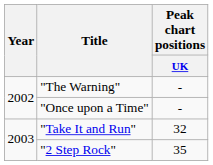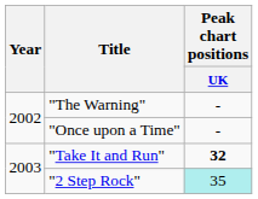 <table class="wikitable">
 <tr>
 <th rowspan="2">Year</th>
 <th rowspan="2">Title</th>
 <th colspan="4">Peak chart positions</th>
 </tr>
 <tr>
 <th style="width:60px;"><small><a href='#'>UK</a></small></th>
 </tr>
 <tr>
 <td rowspan="2">2002</td>
 <td>"The Warning"</td>
 <td align=center>-</td>
 </tr>
 <tr>
 <td>"Once upon a Time"</td>
 <td align=center>-</td>
 </tr>
 <tr>
 <td rowspan="2">2003</td>
 <td>"<a href='#'>Take It and Run</a>"</td>
-<td align=center>32</td>
+<td align=center><strong>32</strong></td>
 </tr>
 <tr>
 <td>"<a href='#'>2 Step Rock</a>"</td>
-<td align=center>35</td>
+<td align=center style="background: paleturquoise;">35</td>
 </tr>
 </table>
